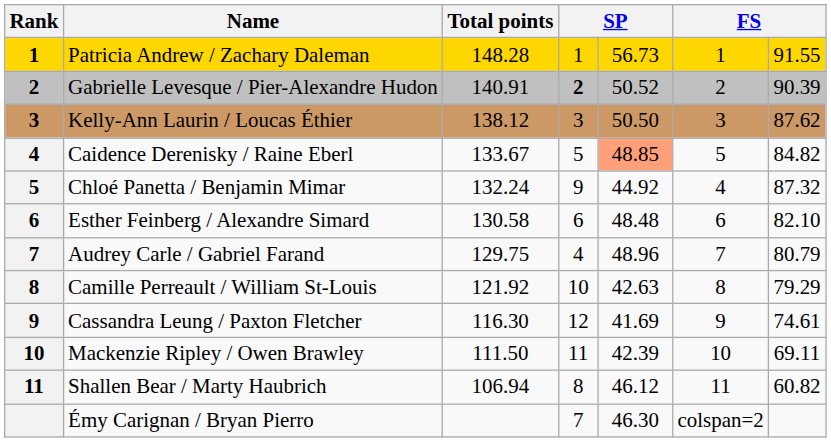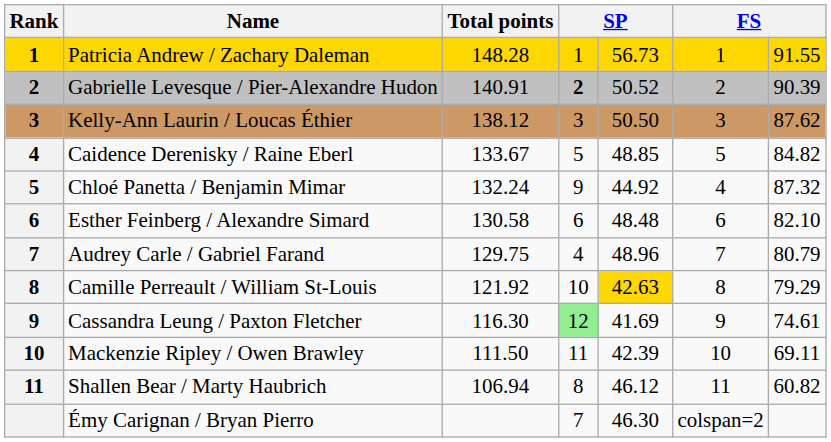 <table class="wikitable sortable">
 <tr>
 <th>Rank</th>
 <th>Name</th>
 <th>Total points</th>
 <th colspan="2" width="80px"><a href='#'>SP</a></th>
 <th colspan="2" width="80px"><a href='#'>FS</a></th>
 </tr>
 <tr bgcolor="gold">
 <td align="center"><strong>1</strong></td>
 <td>Patricia Andrew / Zachary Daleman</td>
 <td align="center">148.28</td>
 <td align="center">1</td>
 <td align="center">56.73</td>
 <td align="center">1</td>
 <td align="center">91.55</td>
 </tr>
 <tr bgcolor="silver">
 <td align="center"><strong>2</strong></td>
 <td>Gabrielle Levesque / Pier-Alexandre Hudon</td>
 <td align="center">140.91</td>
 <td align="center"><strong>2</strong></td>
 <td align="center">50.52</td>
 <td align="center">2</td>
 <td align="center">90.39</td>
 </tr>
 <tr bgcolor="cc9966">
 <td align="center"><strong>3</strong></td>
 <td>Kelly-Ann Laurin / Loucas Éthier</td>
 <td align="center">138.12</td>
 <td align="center">3</td>
 <td align="center">50.50</td>
 <td align="center">3</td>
 <td align="center">87.62</td>
 </tr>
 <tr>
 <th>4</th>
 <td>Caidence Derenisky / Raine Eberl</td>
 <td align="center">133.67</td>
 <td align="center">5</td>
-<td align="center" style="background: lightsalmon;">48.85</td>
+<td align="center">48.85</td>
 <td align="center">5</td>
 <td align="center">84.82</td>
 </tr>
 <tr>
 <th>5</th>
 <td>Chloé Panetta / Benjamin Mimar</td>
 <td align="center">132.24</td>
 <td align="center">9</td>
 <td align="center">44.92</td>
 <td align="center">4</td>
 <td align="center">87.32</td>
 </tr>
 <tr>
 <th>6</th>
 <td>Esther Feinberg / Alexandre Simard</td>
 <td align="center">130.58</td>
 <td align="center">6</td>
 <td align="center">48.48</td>
 <td align="center">6</td>
 <td align="center">82.10</td>
 </tr>
 <tr>
 <th>7</th>
 <td>Audrey Carle / Gabriel Farand</td>
 <td align="center">129.75</td>
 <td align="center">4</td>
 <td align="center">48.96</td>
 <td align="center">7</td>
 <td align="center">80.79</td>
 </tr>
 <tr>
 <th>8</th>
 <td>Camille Perreault / William St-Louis</td>
 <td align="center">121.92</td>
 <td align="center">10</td>
-<td align="center">42.63</td>
+<td align="center" style="background: gold;">42.63</td>
 <td align="center">8</td>
 <td align="center">79.29</td>
 </tr>
 <tr>
 <th>9</th>
 <td>Cassandra Leung / Paxton Fletcher</td>
 <td align="center">116.30</td>
-<td align="center">12</td>
+<td align="center" style="background: lightgreen;">12</td>
 <td align="center">41.69</td>
 <td align="center">9</td>
 <td align="center">74.61</td>
 </tr>
 <tr>
 <th>10</th>
 <td>Mackenzie Ripley / Owen Brawley</td>
 <td align="center">111.50</td>
 <td align="center">11</td>
 <td align="center">42.39</td>
 <td align="center">10</td>
 <td align="center">69.11</td>
 </tr>
 <tr>
 <th>11</th>
 <td>Shallen Bear / Marty Haubrich</td>
 <td align="center">106.94</td>
 <td align="center">8</td>
 <td align="center">46.12</td>
 <td align="center">11</td>
 <td align="center">60.82</td>
 </tr>
 <tr>
 <th></th>
 <td>Émy Carignan / Bryan Pierro</td>
 <td></td>
 <td align="center">7</td>
 <td align="center">46.30</td>
 <td>colspan=2 </td>
 </tr>
 </table>
